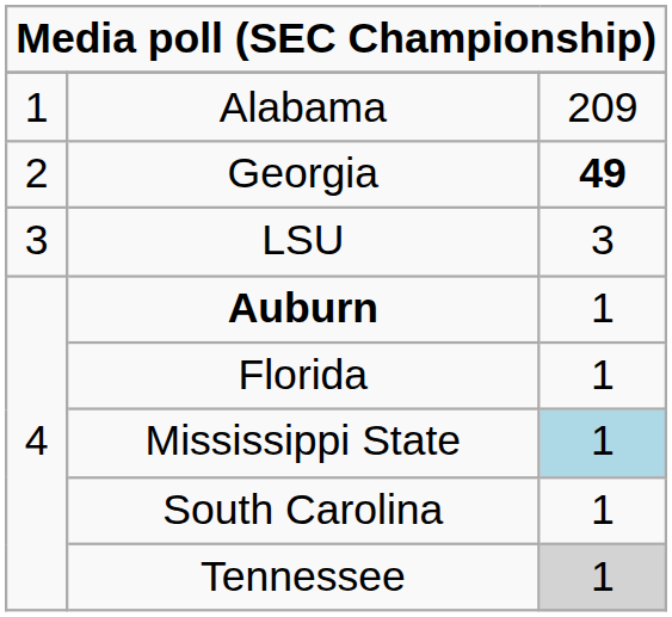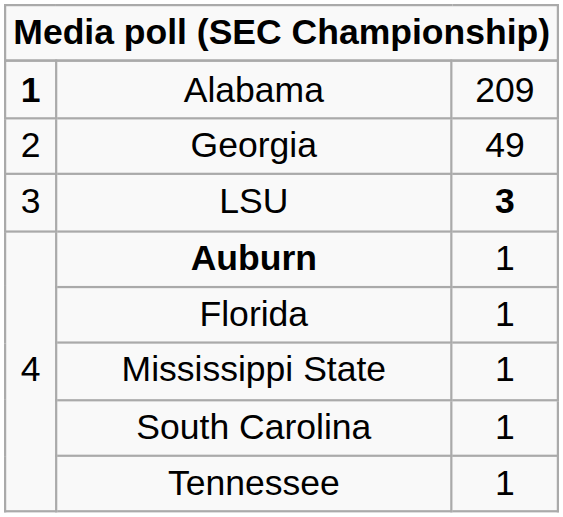 <table class="wikitable">
 <tr align="center">
 <td align="center" Colspan="3"><strong>Media poll (SEC Championship)</strong></td>
 </tr>
 <tr align="center">
 </tr>
 <tr align="center">
-<td>1</td>
+<td><strong>1</strong></td>
 <td>Alabama</td>
 <td>209</td>
 </tr>
 <tr align="center">
 <td>2</td>
 <td>Georgia</td>
-<td><strong>49</strong></td>
+<td>49</td>
 </tr>
 <tr align="center">
 <td>3</td>
 <td>LSU</td>
-<td>3</td>
+<td><strong>3</strong></td>
 </tr>
 <tr align="center">
 <td rowspan="5">4</td>
 <td><strong>Auburn</strong></td>
 <td>1</td>
 </tr>
 <tr align="center">
 <td>Florida</td>
 <td>1</td>
 </tr>
 <tr align="center">
 <td>Mississippi State</td>
-<td style="background: lightblue;">1</td>
+<td>1</td>
 </tr>
 <tr align="center">
 <td>South Carolina</td>
 <td>1</td>
 </tr>
 <tr align="center">
 <td>Tennessee</td>
-<td style="background: lightgrey;">1</td>
+<td>1</td>
 </tr>
 </table>
